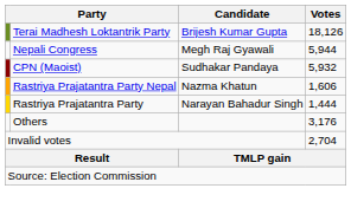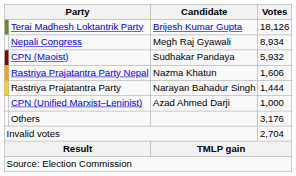 <table class="wikitable">
 <tr>
 <th colspan="2">Party</th>
 <th>Candidate</th>
 <th>Votes</th>
 </tr>
 <tr>
 <td style="background-color:olivedrab"></td>
 <td><a href='#'>Terai Madhesh Loktantrik Party</a></td>
 <td><a href='#'>Brijesh Kumar Gupta</a></td>
 <td>18,126</td>
 </tr>
 <tr>
 <td style="background-color:"></td>
 <td><a href='#'>Nepali Congress</a></td>
 <td>Megh Raj Gyawali</td>
-<td>5,944</td>
+<td>8,934</td>
 </tr>
 <tr>
 <td style="background-color:darkred"></td>
 <td><a href='#'>CPN (Maoist)</a></td>
 <td>Sudhakar Pandaya</td>
 <td>5,932</td>
 </tr>
 <tr>
 <td style="background-color:orange"></td>
 <td><a href='#'>Rastriya Prajatantra Party Nepal</a></td>
 <td>Nazma Khatun</td>
 <td>1,606</td>
 </tr>
 <tr>
 <td style="background-color:gold"></td>
 <td>Rastriya Prajatantra Party</td>
 <td>Narayan Bahadur Singh</td>
 <td>1,444</td>
 </tr>
 <tr>
+<td style="background-color:"></td>
+<td><a href='#'>CPN (Unified Marxist–Leninist)</a></td>
+<td>Azad Ahmed Darji</td>
+<td>1,000</td>
+</tr>
+<tr>
 <td></td>
 <td>Others</td>
 <td></td>
 <td>3,176</td>
 </tr>
 <tr>
 <td colspan="3">Invalid votes</td>
 <td>2,704</td>
 </tr>
 <tr>
 <th colspan="2">Result</th>
 <th colspan="2">TMLP gain</th>
 </tr>
 <tr>
 <td colspan="4">Source: Election Commission</td>
 </tr>
 </table>
